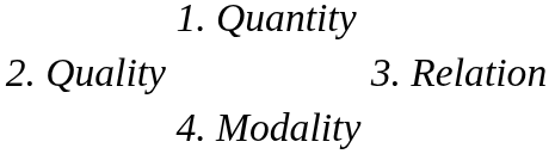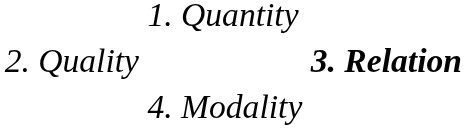 <table style="margin:1em auto;">
 <tr>
 <td></td>
 <td><em>1. Quantity</em></td>
 <td></td>
 </tr>
 <tr>
 <td><em>2. Quality</em><br></td>
 <td></td>
-<td width=250><em>3. Relation</em><br></td>
+<td width=250><strong><em>3. Relation</em><br></strong></td>
 </tr>
 <tr>
 <td></td>
 <td><em>4. Modality</em><br></td>
 </tr>
 </table>
